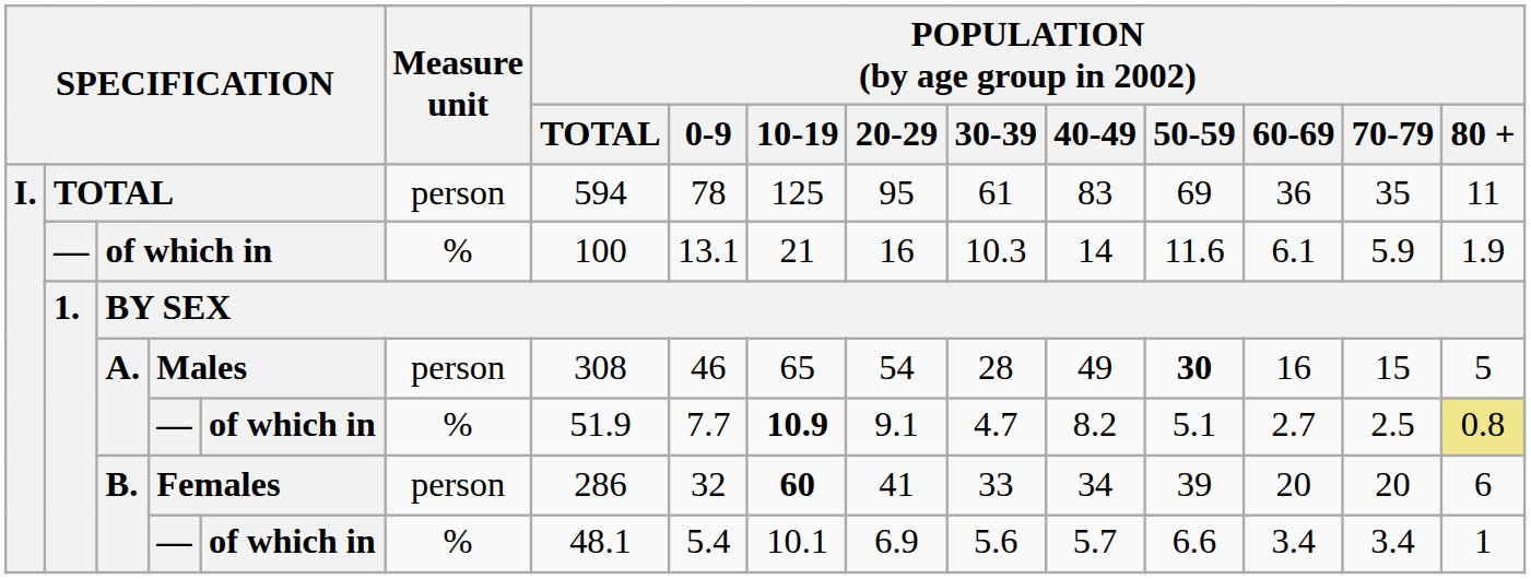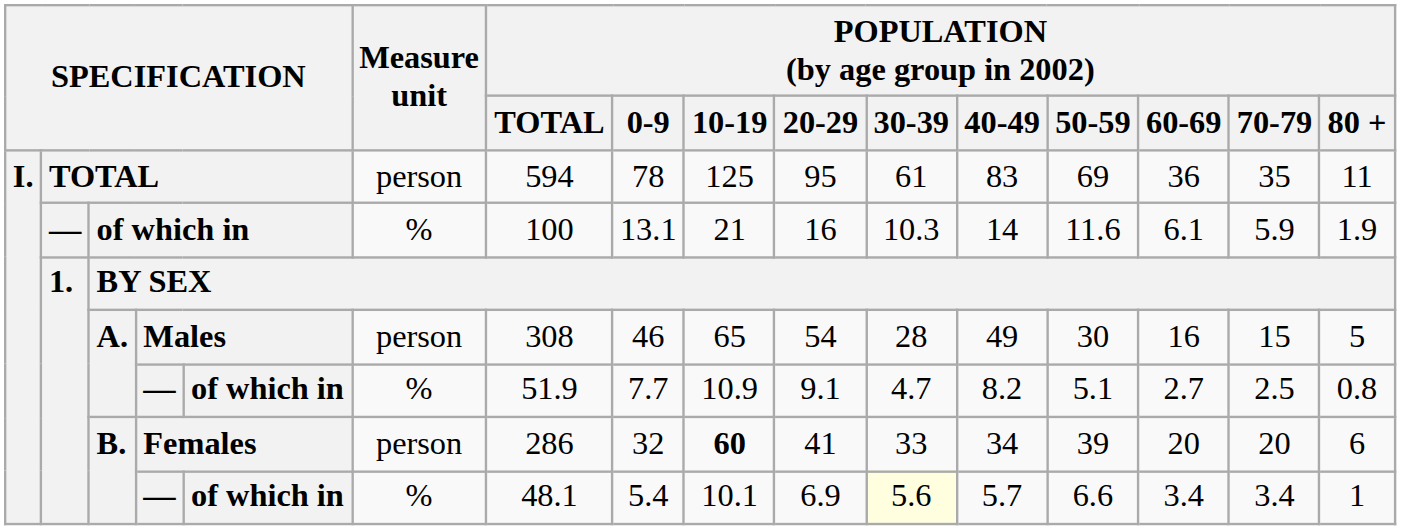 <table class="wikitable" style="font-size:85%; text-align:center">
 <tr>
 <th rowspan="2" colspan="5">SPECIFICATION</th>
 <th rowspan="2">Measure<br> unit</th>
 <th colspan="10" rowspan="1">POPULATION<br> (by age group in 2002)</th>
 </tr>
 <tr>
 <th>TOTAL</th>
 <th>0-9</th>
 <th>10-19</th>
 <th>20-29</th>
 <th>30-39</th>
 <th>40-49</th>
 <th>50-59</th>
 <th>60-69</th>
 <th>70-79</th>
 <th>80 +</th>
 </tr>
 <tr>
 <th style="text-align:left" valign="top" rowspan="7">I.</th>
 <th style="text-align:left" colspan="4">TOTAL</th>
 <td>person</td>
 <td>594</td>
 <td>78</td>
 <td>125</td>
 <td>95</td>
 <td>61</td>
 <td>83</td>
 <td>69</td>
 <td>36</td>
 <td>35</td>
 <td>11</td>
 </tr>
 <tr>
 <th style="text-align:left" valign="top">—</th>
 <th style="text-align:left" colspan="3">of which in</th>
 <td>%</td>
 <td>100</td>
 <td>13.1</td>
 <td>21</td>
 <td>16</td>
 <td>10.3</td>
 <td>14</td>
 <td>11.6</td>
 <td>6.1</td>
 <td>5.9</td>
 <td>1.9</td>
 </tr>
 <tr>
 <th style="text-align:left" valign="top" rowspan="5">1.</th>
 <th style="text-align:left" colspan="14">BY SEX</th>
 </tr>
 <tr>
 <th style="text-align:left" valign="top" rowspan="2">A.</th>
 <th style="text-align:left" colspan="2">Males</th>
 <td>person</td>
 <td>308</td>
 <td>46</td>
 <td>65</td>
 <td>54</td>
 <td>28</td>
 <td>49</td>
-<td><strong>30</strong></td>
+<td>30</td>
 <td>16</td>
 <td>15</td>
 <td>5</td>
 </tr>
 <tr>
 <th style="text-align:left" valign="top">—</th>
 <th style="text-align:left" colspan="1">of which in</th>
 <td>%</td>
 <td>51.9</td>
 <td>7.7</td>
-<td><strong>10.9</strong></td>
+<td>10.9</td>
 <td>9.1</td>
 <td>4.7</td>
 <td>8.2</td>
 <td>5.1</td>
 <td>2.7</td>
 <td>2.5</td>
-<td style="background: khaki;">0.8</td>
+<td>0.8</td>
 </tr>
 <tr>
 <th style="text-align:left" valign="top" rowspan="2">B.</th>
 <th style="text-align:left" colspan="2">Females</th>
 <td>person</td>
 <td>286</td>
 <td>32</td>
 <td><strong>60</strong></td>
 <td>41</td>
 <td>33</td>
 <td>34</td>
 <td>39</td>
 <td>20</td>
 <td>20</td>
 <td>6</td>
 </tr>
 <tr>
 <th style="text-align:left" valign="top">—</th>
 <th style="text-align:left" colspan="1">of which in</th>
 <td>%</td>
 <td>48.1</td>
 <td>5.4</td>
 <td>10.1</td>
 <td>6.9</td>
-<td>5.6</td>
+<td style="background: lightyellow;">5.6</td>
 <td>5.7</td>
 <td>6.6</td>
 <td>3.4</td>
 <td>3.4</td>
 <td>1</td>
 </tr>
 </table>
